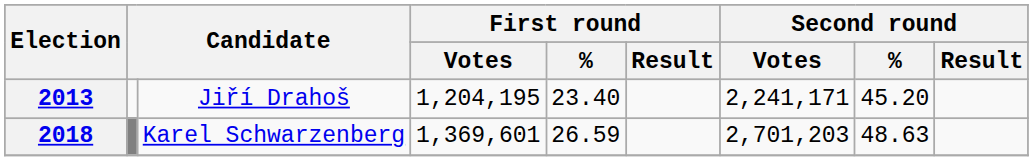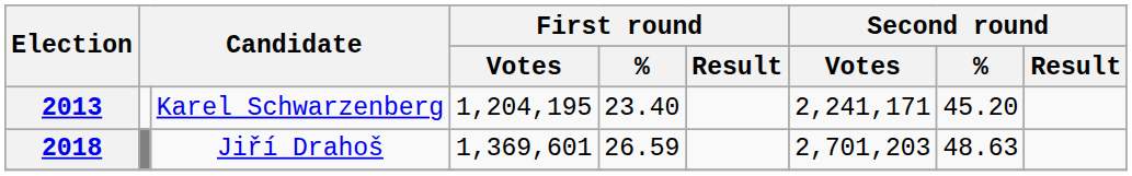 <table class="wikitable" style="text-align: center;">
 <tr>
 <th rowspan=2>Election</th>
 <th rowspan=2 colspan=2>Candidate</th>
 <th colspan=3>First round</th>
 <th colspan=3>Second round</th>
 </tr>
 <tr>
 <th>Votes</th>
 <th>%</th>
 <th>Result</th>
 <th>Votes</th>
 <th>%</th>
 <th>Result</th>
 </tr>
 <tr>
 <th><a href='#'>2013</a></th>
 <td style="background-color: "></td>
-<td><a href='#'>Jiří Drahoš</a></td>
+<td><a href='#'>Karel Schwarzenberg</a></td>
 <td>1,204,195</td>
 <td>23.40</td>
 <td></td>
 <td>2,241,171</td>
 <td>45.20</td>
 <td></td>
 </tr>
 <tr>
 <th><a href='#'>2018</a></th>
 <td bgcolor="grey"></td>
-<td><a href='#'>Karel Schwarzenberg</a></td>
+<td><a href='#'>Jiří Drahoš</a></td>
 <td>1,369,601</td>
 <td>26.59</td>
 <td></td>
 <td>2,701,203</td>
 <td>48.63</td>
 <td></td>
 </tr>
 <tr>
 </tr>
 </table>
